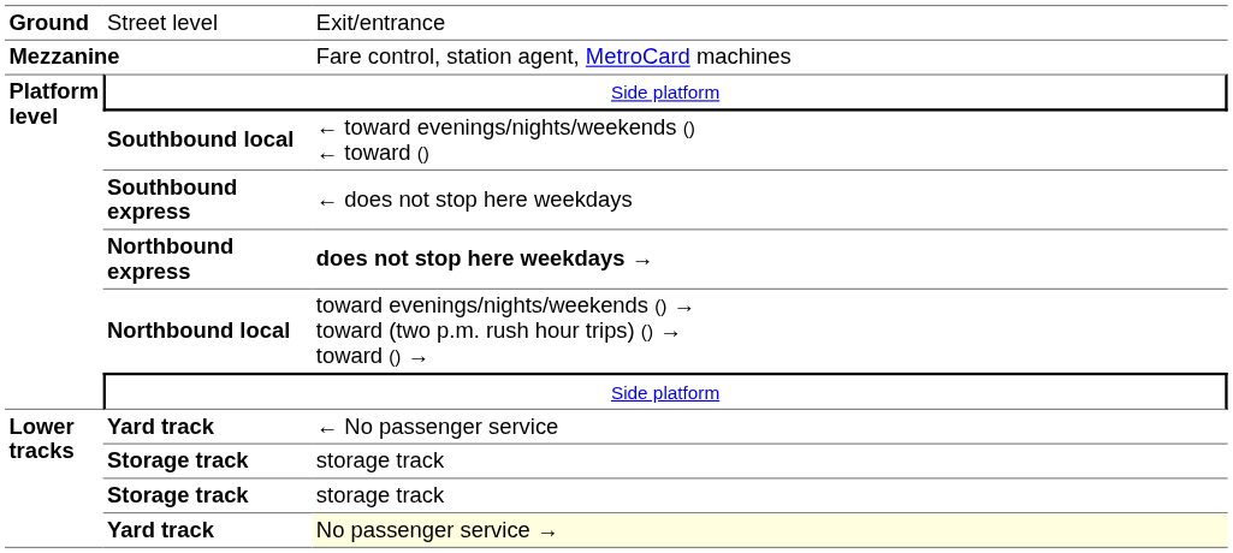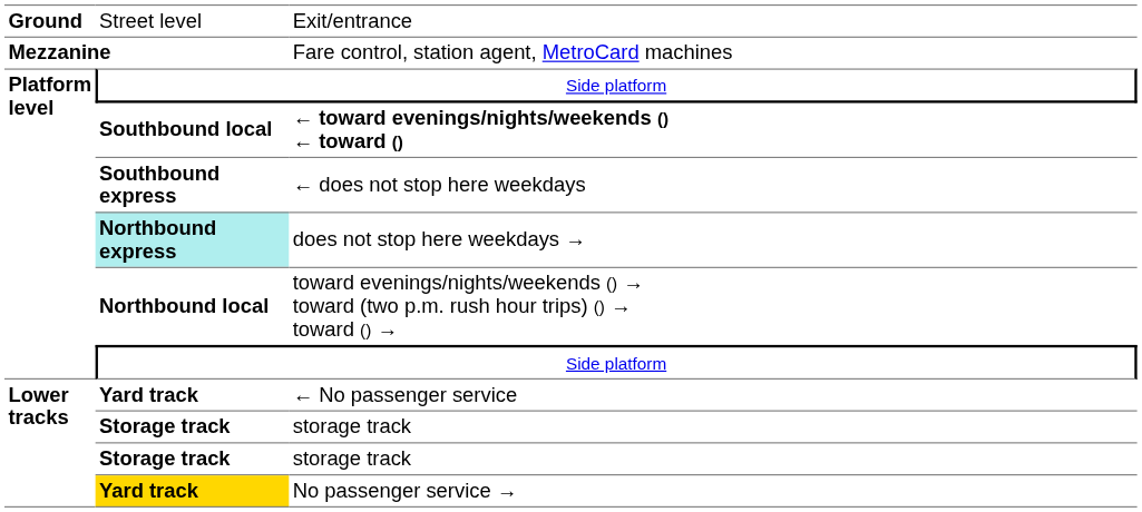 <table border=0 cellspacing=0 cellpadding=3>
 <tr>
 <td style="border-top:solid 1px gray;" width=50><strong>Ground</strong></td>
 <td style="border-top:solid 1px gray;" width=150>Street level</td>
 <td style="border-top:solid 1px gray;" width=700>Exit/entrance</td>
 </tr>
 <tr>
 <td style="border-top:solid 1px gray;" colspan=2><strong>Mezzanine</strong></td>
 <td style="border-top:solid 1px gray;">Fare control, station agent, <a href='#'>MetroCard</a> machines</td>
 </tr>
 <tr>
 <td style="border-top:solid 1px gray;border-bottom:solid 1px gray;vertical-align:top;" rowspan=6><strong>Platform level</strong></td>
 <td style="border-top:solid 1px gray;border-right:solid 2px black;border-left:solid 2px black;border-bottom:solid 2px black;text-align:center;" colspan=2><small><a href='#'>Side platform</a></small></td>
 </tr>
 <tr>
 <td><strong>Southbound local</strong></td>
-<td>←  toward  evenings/nights/weekends <small>()</small><br>←  toward  <small>()</small></td>
+<td><strong>←  toward  evenings/nights/weekends <small>()</small><br>←  toward  <small>()</small></strong></td>
 </tr>
 <tr>
 <td style="border-top:solid 1px gray;"><strong>Southbound express</strong></td>
 <td style="border-top:solid 1px gray;">←  does not stop here weekdays</td>
 </tr>
 <tr>
-<td style="border-top:solid 1px gray;"><strong>Northbound express</strong></td>
-<td style="border-top:solid 1px gray;"><strong>  does not stop here weekdays →</strong></td>
+<td style="background: paleturquoise; border-top:solid 1px gray;"><strong>Northbound express</strong></td>
+<td style="border-top:solid 1px gray;">  does not stop here weekdays →</td>
 </tr>
 <tr>
 <td style="border-top:solid 1px gray;"><strong>Northbound local</strong></td>
 <td style="border-top:solid 1px gray;">  toward  evenings/nights/weekends <small>()</small> →<br>  toward  (two p.m. rush hour trips) <small>()</small> →<br>  toward  <small>()</small> →</td>
 </tr>
 <tr>
 <td style="border-top:solid 2px black;border-right:solid 2px black;border-left:solid 2px black;border-bottom:solid 1px gray;text-align:center;" colspan=2><small><a href='#'>Side platform</a></small></td>
 </tr>
 <tr>
 <td style="border-bottom:solid 1px gray;vertical-align:top;" rowspan=4><strong>Lower tracks</strong></td>
 <td style="border-bottom:solid 1px gray;"><strong>Yard track</strong></td>
 <td style="border-bottom:solid 1px gray;">← No passenger service</td>
 </tr>
 <tr>
 <td style="border-bottom:solid 1px gray;"><strong>Storage track</strong></td>
 <td style="border-bottom:solid 1px gray;">  storage track</td>
 </tr>
 <tr>
 <td style="border-bottom:solid 1px gray;"><strong>Storage track</strong></td>
 <td style="border-bottom:solid 1px gray;">  storage track</td>
 </tr>
 <tr>
-<td style="border-bottom:solid 1px gray;"><strong>Yard track</strong></td>
-<td style="background: lightyellow; border-bottom:solid 1px gray;"> No passenger service →</td>
+<td style="background: gold; border-bottom:solid 1px gray;"><strong>Yard track</strong></td>
+<td style="border-bottom:solid 1px gray;"> No passenger service →</td>
 </tr>
 </table>
